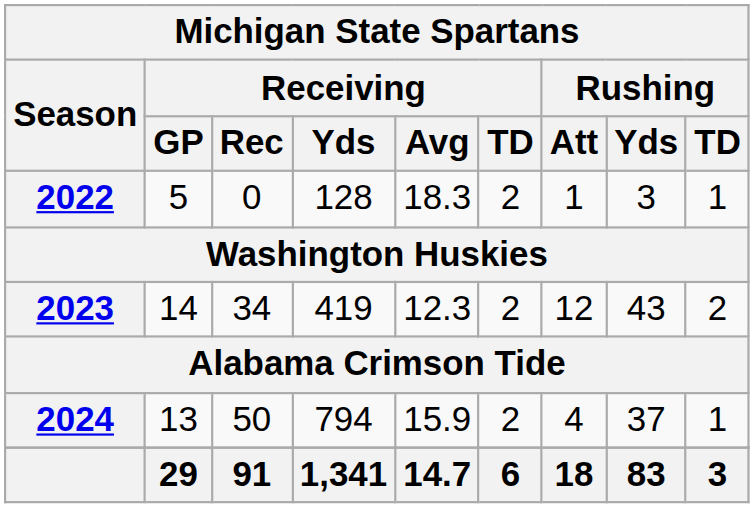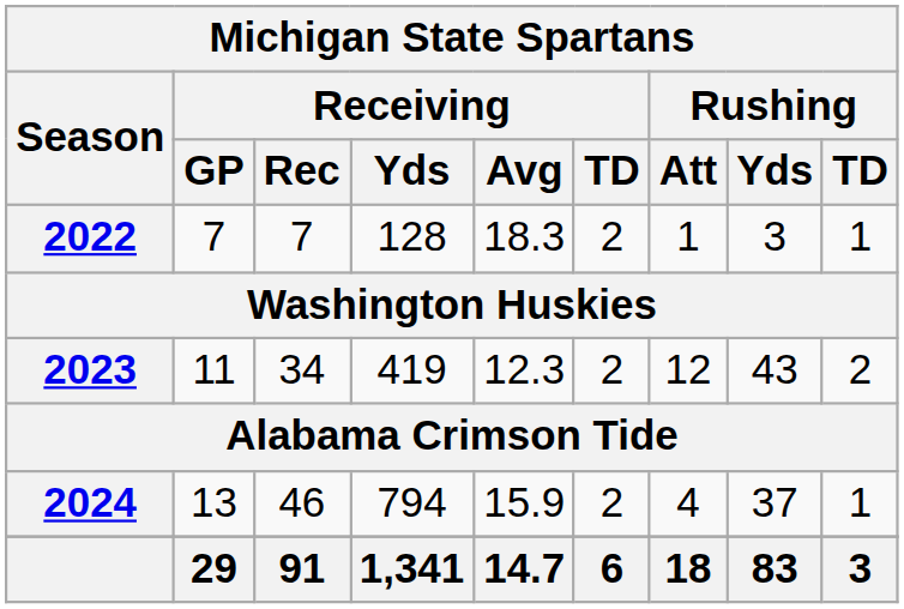 <table class=wikitable style="text-align:center;">
 <tr>
 <th colspan="10">Michigan State Spartans</th>
 </tr>
 <tr>
 <th rowspan="2">Season</th>
 <th colspan="5">Receiving</th>
 <th colspan="3">Rushing</th>
 </tr>
 <tr>
 <th>GP</th>
 <th>Rec</th>
 <th>Yds</th>
 <th>Avg</th>
 <th>TD</th>
 <th>Att</th>
 <th>Yds</th>
 <th>TD</th>
 </tr>
 <tr>
 <th><a href='#'>2022</a></th>
-<td>5</td>
-<td>0</td>
+<td>7</td>
+<td>7</td>
 <td>128</td>
 <td>18.3</td>
 <td>2</td>
 <td>1</td>
 <td>3</td>
 <td>1</td>
 </tr>
 <tr>
 <th colspan="10">Washington Huskies</th>
 </tr>
 <tr>
 <th><a href='#'>2023</a></th>
-<td>14</td>
+<td>11</td>
 <td>34</td>
 <td>419</td>
 <td>12.3</td>
 <td>2</td>
 <td>12</td>
 <td>43</td>
 <td>2</td>
 </tr>
 <tr>
 <th colspan="10">Alabama Crimson Tide</th>
 </tr>
 <tr>
 <th><a href='#'>2024</a></th>
 <td>13</td>
-<td>50</td>
+<td>46</td>
 <td>794</td>
 <td>15.9</td>
 <td>2</td>
 <td>4</td>
 <td>37</td>
 <td>1</td>
 </tr>
 <tr>
 </tr>
 <tr>
 <th></th>
 <th>29</th>
 <th>91</th>
 <th>1,341</th>
 <th>14.7</th>
 <th>6</th>
 <th>18</th>
 <th>83</th>
 <th>3</th>
 </tr>
 </table>
